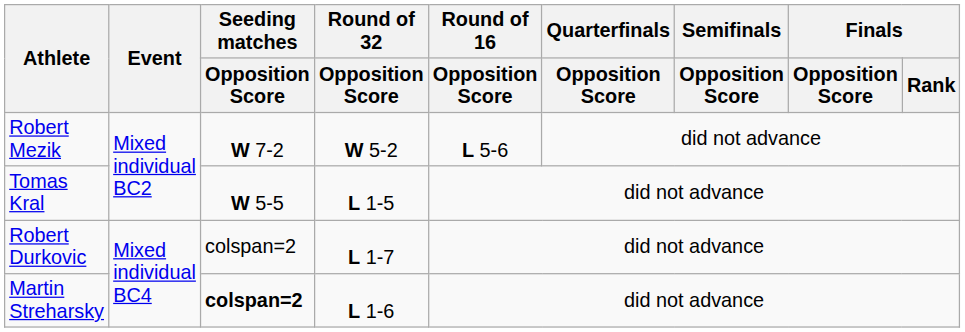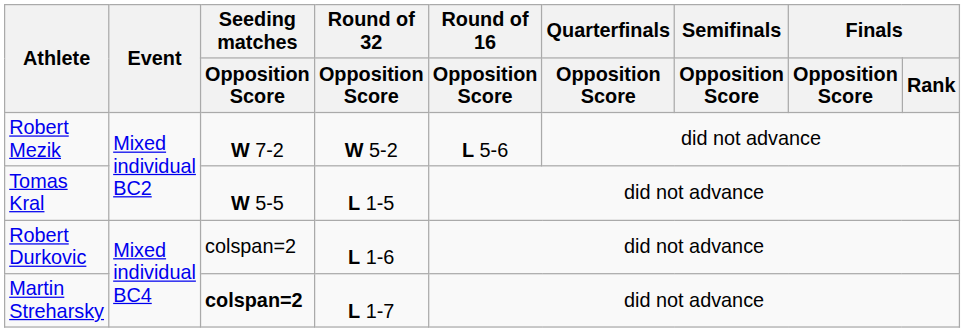 <table class=wikitable>
 <tr>
 <th rowspan="2">Athlete</th>
 <th rowspan="2">Event</th>
 <th>Seeding matches</th>
 <th>Round of 32</th>
 <th>Round of 16</th>
 <th>Quarterfinals</th>
 <th>Semifinals</th>
 <th colspan="2">Finals</th>
 </tr>
 <tr>
 <th>Opposition<br>Score</th>
 <th>Opposition<br>Score</th>
 <th>Opposition<br>Score</th>
 <th>Opposition<br>Score</th>
 <th>Opposition<br>Score</th>
 <th>Opposition<br>Score</th>
 <th>Rank</th>
 </tr>
 <tr>
 <td align=left><a href='#'>Robert Mezik</a></td>
 <td align=left rowspan="2"><a href='#'>Mixed individual BC2</a></td>
 <td align=center><br><strong>W</strong> 7-2</td>
 <td align=center><br><strong>W</strong> 5-2</td>
 <td align=center><br><strong>L</strong> 5-6</td>
 <td align=center colspan=4>did not advance</td>
 </tr>
 <tr>
 <td align=left><a href='#'>Tomas Kral</a></td>
 <td align=center><br><strong>W</strong> 5-5</td>
 <td align=center><br><strong>L</strong> 1-5</td>
 <td align=center colspan=5>did not advance</td>
 </tr>
 <tr>
 <td align=left><a href='#'>Robert Durkovic</a></td>
 <td align=left rowspan="2"><a href='#'>Mixed individual BC4</a></td>
 <td>colspan=2 </td>
-<td align=center><br><strong>L</strong> 1-7</td>
+<td align=center><br><strong>L</strong> 1-6</td>
 <td align=center colspan=5>did not advance</td>
 </tr>
 <tr>
 <td align=left><a href='#'>Martin Streharsky</a></td>
 <td><strong>colspan=2 </strong></td>
-<td align=center><br><strong>L</strong> 1-6</td>
+<td align=center><br><strong>L</strong> 1-7</td>
 <td align=center colspan=5>did not advance</td>
 </tr>
 </table>
